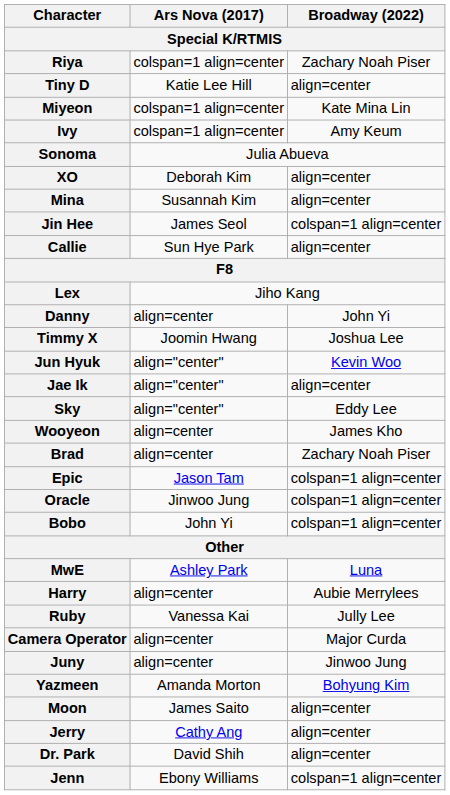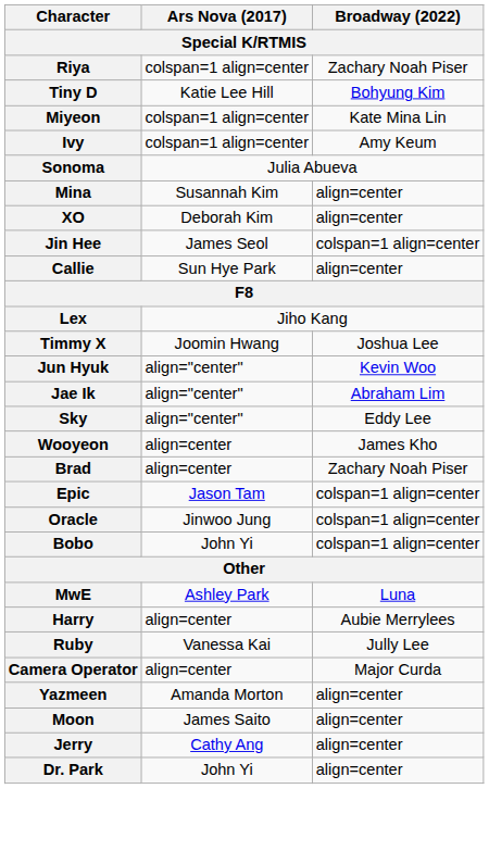 <table class="wikitable" style="width:1000;">
 <tr>
 <th>Character</th>
 <th>Ars Nova (2017)</th>
 <th>Broadway (2022)</th>
 </tr>
 <tr>
 <th colspan=3>Special K/RTMIS</th>
 </tr>
 <tr>
 <th>Riya</th>
 <td>colspan=1 align=center </td>
 <td align=center>Zachary Noah Piser</td>
 </tr>
 <tr>
 <th>Tiny D</th>
 <td colspan=1 align=center>Katie Lee Hill</td>
-<td>align=center </td>
+<td colspan=1 align=center><a href='#'>Bohyung Kim</a></td>
 </tr>
 <tr>
 <th>Miyeon</th>
 <td>colspan=1 align=center </td>
 <td colspan=1 align=center>Kate Mina Lin</td>
 </tr>
 <tr>
 <th>Ivy</th>
 <td>colspan=1 align=center </td>
 <td colspan=1 align=center>Amy Keum</td>
 </tr>
 <tr>
 <th>Sonoma</th>
 <td colspan="2" align="center">Julia Abueva</td>
 </tr>
 <tr>
-<th>XO</th>
-<td colspan=1 align=center>Deborah Kim</td>
+<th>Mina</th>
+<td colspan=1 align=center>Susannah Kim</td>
 <td>align=center </td>
 </tr>
 <tr>
-<th>Mina</th>
-<td colspan=1 align=center>Susannah Kim</td>
+<th>XO</th>
+<td colspan=1 align=center>Deborah Kim</td>
 <td>align=center </td>
 </tr>
 <tr>
 <th>Jin Hee</th>
 <td colspan=1 align=center>James Seol</td>
 <td>colspan=1 align=center </td>
 </tr>
 <tr>
 <th>Callie</th>
 <td colspan=1 align=center>Sun Hye Park</td>
 <td>align=center </td>
 </tr>
 <tr>
 <th colspan=3>F8</th>
 </tr>
 <tr>
 <th>Lex</th>
 <td colspan="2" align="center">Jiho Kang</td>
 </tr>
 <tr>
-<th>Danny</th>
-<td>align=center </td>
-<td align=center>John Yi</td>
-</tr>
-<tr>
 <th>Timmy X</th>
 <td align="center">Joomin Hwang</td>
 <td colspan=1 align=center>Joshua Lee</td>
 </tr>
 <tr>
 <th>Jun Hyuk</th>
 <td>align="center" </td>
 <td align=center><a href='#'>Kevin Woo</a></td>
 </tr>
 <tr>
 <th>Jae Ik</th>
 <td>align="center" </td>
-<td>align=center </td>
+<td align=center><a href='#'>Abraham Lim</a></td>
 </tr>
 <tr>
 <th>Sky</th>
 <td>align="center" </td>
 <td align=center>Eddy Lee</td>
 </tr>
 <tr>
 <th>Wooyeon</th>
 <td>align=center </td>
 <td align=center>James Kho</td>
 </tr>
 <tr>
 <th>Brad</th>
 <td>align=center </td>
 <td align=center>Zachary Noah Piser</td>
 </tr>
 <tr>
 <th>Epic</th>
 <td colspan=1 align=center><a href='#'>Jason Tam</a></td>
 <td>colspan=1 align=center </td>
 </tr>
 <tr>
 <th>Oracle</th>
 <td colspan=1 align="center">Jinwoo Jung</td>
 <td>colspan=1 align=center </td>
 </tr>
 <tr>
 <th>Bobo</th>
 <td colspan=1 align="center">John Yi</td>
 <td>colspan=1 align=center </td>
 </tr>
 <tr>
 <th colspan=3>Other</th>
 </tr>
 <tr>
 <th>MwE</th>
 <td colspan=1 align=center><a href='#'>Ashley Park</a></td>
 <td colspan=1 align=center><a href='#'>Luna</a></td>
 </tr>
 <tr>
 <th>Harry</th>
 <td>align=center </td>
 <td align=center>Aubie Merrylees</td>
 </tr>
 <tr>
 <th>Ruby</th>
 <td colspan=1 align=center>Vanessa Kai</td>
 <td colspan=1 align=center>Jully Lee</td>
 </tr>
 <tr>
 <th>Camera Operator</th>
 <td>align=center </td>
 <td align=center>Major Curda</td>
 </tr>
 <tr>
-<th>Juny</th>
-<td>align=center </td>
-<td align=center>Jinwoo Jung</td>
-</tr>
-<tr>
 <th>Yazmeen</th>
 <td colspan=1 align=center>Amanda Morton</td>
-<td colspan=1 align=center><a href='#'>Bohyung Kim</a></td>
+<td>align=center </td>
 </tr>
 <tr>
 <th>Moon</th>
 <td colspan=1 align=center>James Saito</td>
 <td>align=center </td>
 </tr>
 <tr>
 <th>Jerry</th>
 <td colspan=1 align=center><a href='#'>Cathy Ang</a></td>
 <td>align=center </td>
 </tr>
 <tr>
 <th>Dr. Park</th>
-<td colspan=1 align=center>David Shih</td>
+<td colspan=1 align="center">John Yi</td>
 <td>align=center </td>
 </tr>
-<tr>
-<th>Jenn</th>
-<td colspan=1 align=center>Ebony Williams</td>
-<td>colspan=1 align=center </td>
-</tr>
 </table>
